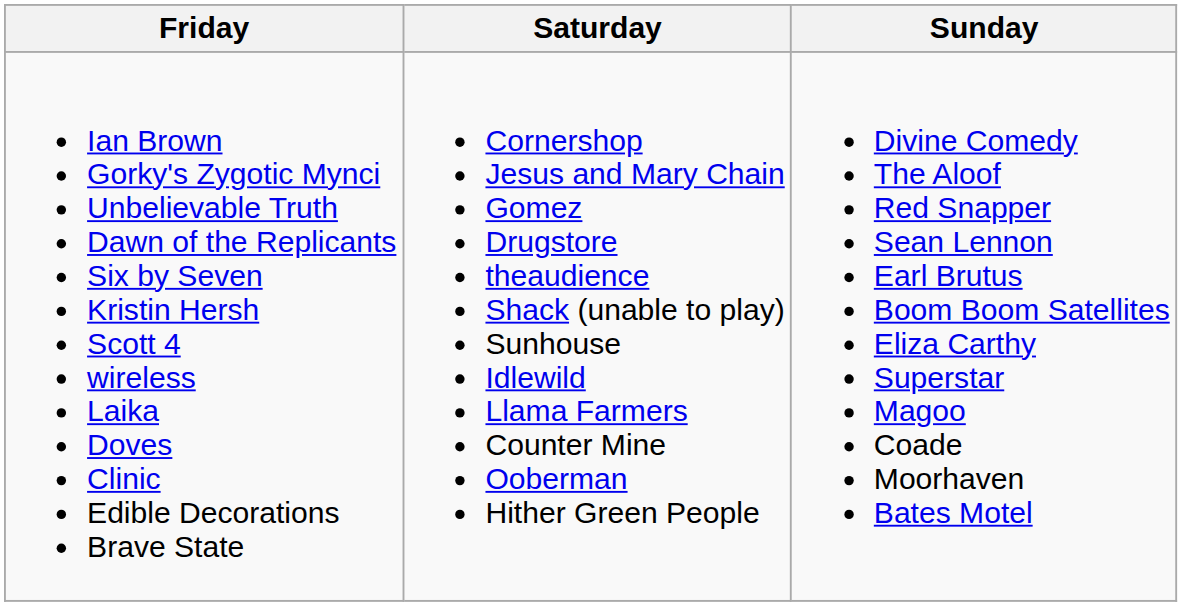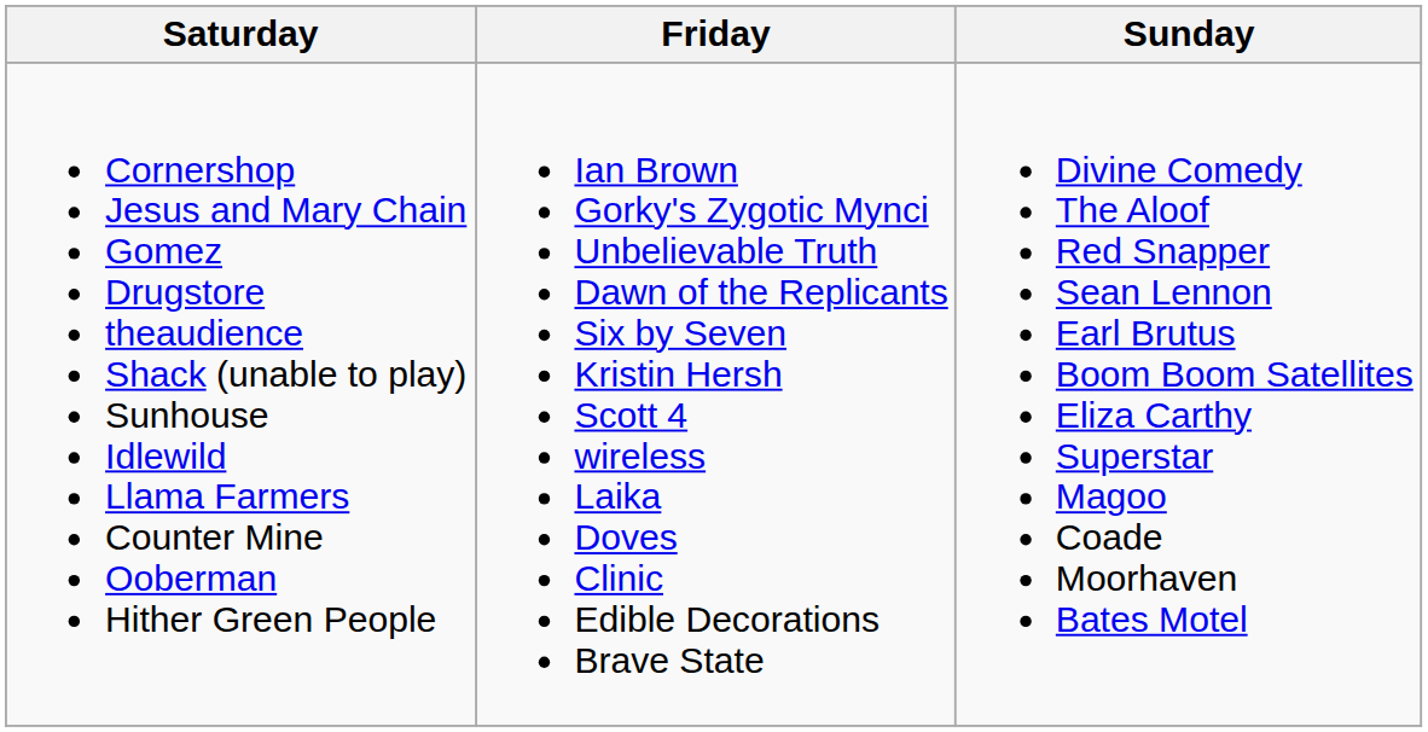 <table class="wikitable">
 <tr>
+<th>Saturday</th>
 <th>Friday</th>
-<th>Saturday</th>
 <th>Sunday</th>
 </tr>
 <tr valign="top">
+<td><br><ul><li><a href='#'>Cornershop</a></li><li><a href='#'>Jesus and Mary Chain</a></li><li><a href='#'>Gomez</a></li><li><a href='#'>Drugstore</a></li><li><a href='#'>theaudience</a></li><li><a href='#'>Shack</a> (unable to play)</li><li>Sunhouse</li><li><a href='#'>Idlewild</a></li><li><a href='#'>Llama Farmers</a></li><li>Counter Mine</li><li><a href='#'>Ooberman</a></li><li>Hither Green People</li></ul></td>
 <td><br><ul><li><a href='#'>Ian Brown</a></li><li><a href='#'>Gorky's Zygotic Mynci</a></li><li><a href='#'>Unbelievable Truth</a></li><li><a href='#'>Dawn of the Replicants</a></li><li><a href='#'>Six by Seven</a></li><li><a href='#'>Kristin Hersh</a></li><li><a href='#'>Scott 4</a></li><li><a href='#'>wireless</a></li><li><a href='#'>Laika</a></li><li><a href='#'>Doves</a></li><li><a href='#'>Clinic</a></li><li>Edible Decorations</li><li>Brave State</li></ul></td>
-<td><br><ul><li><a href='#'>Cornershop</a></li><li><a href='#'>Jesus and Mary Chain</a></li><li><a href='#'>Gomez</a></li><li><a href='#'>Drugstore</a></li><li><a href='#'>theaudience</a></li><li><a href='#'>Shack</a> (unable to play)</li><li>Sunhouse</li><li><a href='#'>Idlewild</a></li><li><a href='#'>Llama Farmers</a></li><li>Counter Mine</li><li><a href='#'>Ooberman</a></li><li>Hither Green People</li></ul></td>
 <td><br><ul><li><a href='#'>Divine Comedy</a></li><li><a href='#'>The Aloof</a></li><li><a href='#'>Red Snapper</a></li><li><a href='#'>Sean Lennon</a></li><li><a href='#'>Earl Brutus</a></li><li><a href='#'>Boom Boom Satellites</a></li><li><a href='#'>Eliza Carthy</a></li><li><a href='#'>Superstar</a></li><li><a href='#'>Magoo</a></li><li>Coade</li><li>Moorhaven</li><li><a href='#'>Bates Motel</a></li></ul></td>
 </tr>
 </table>
